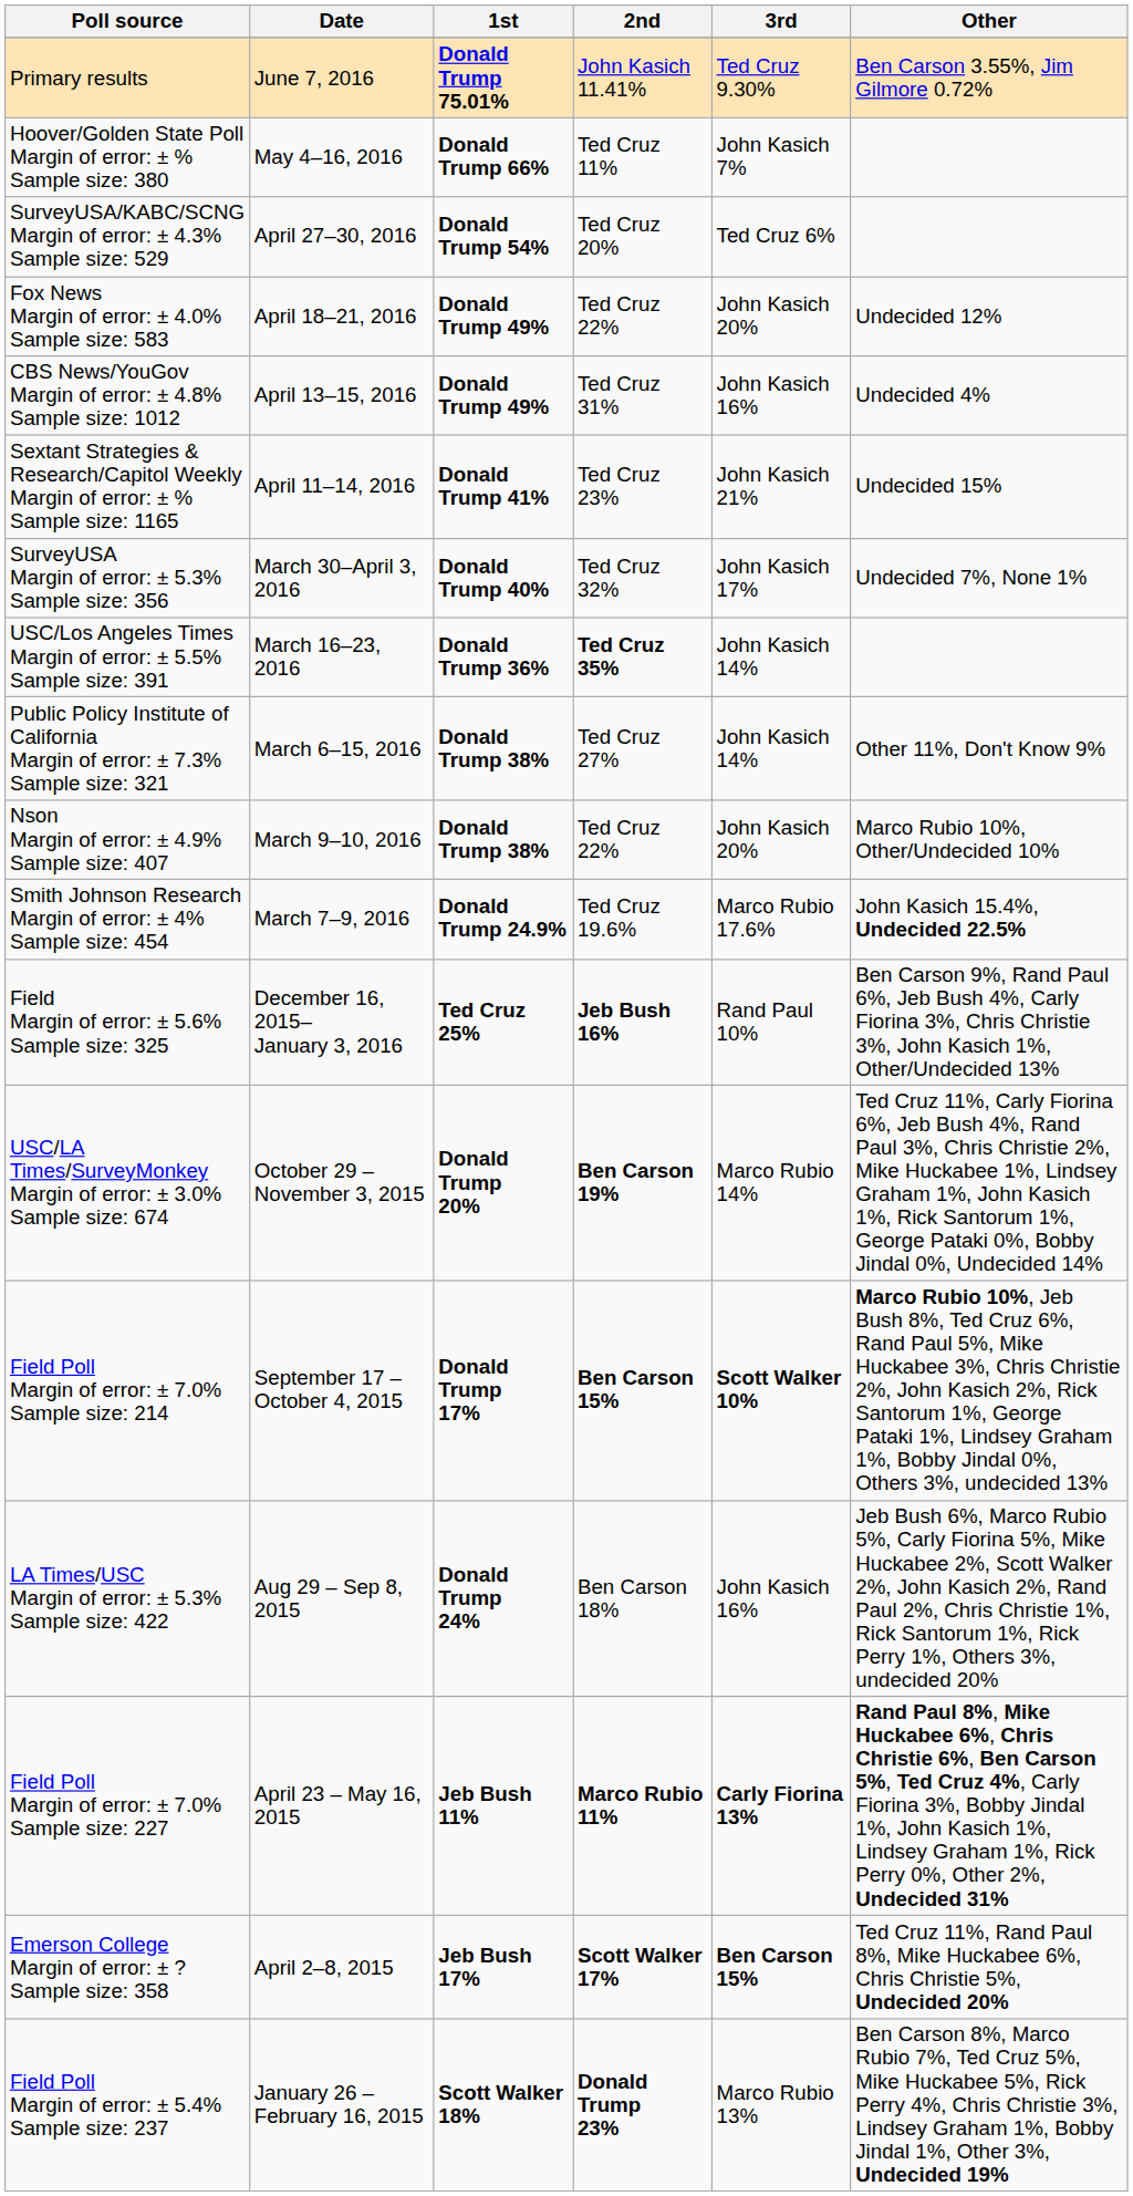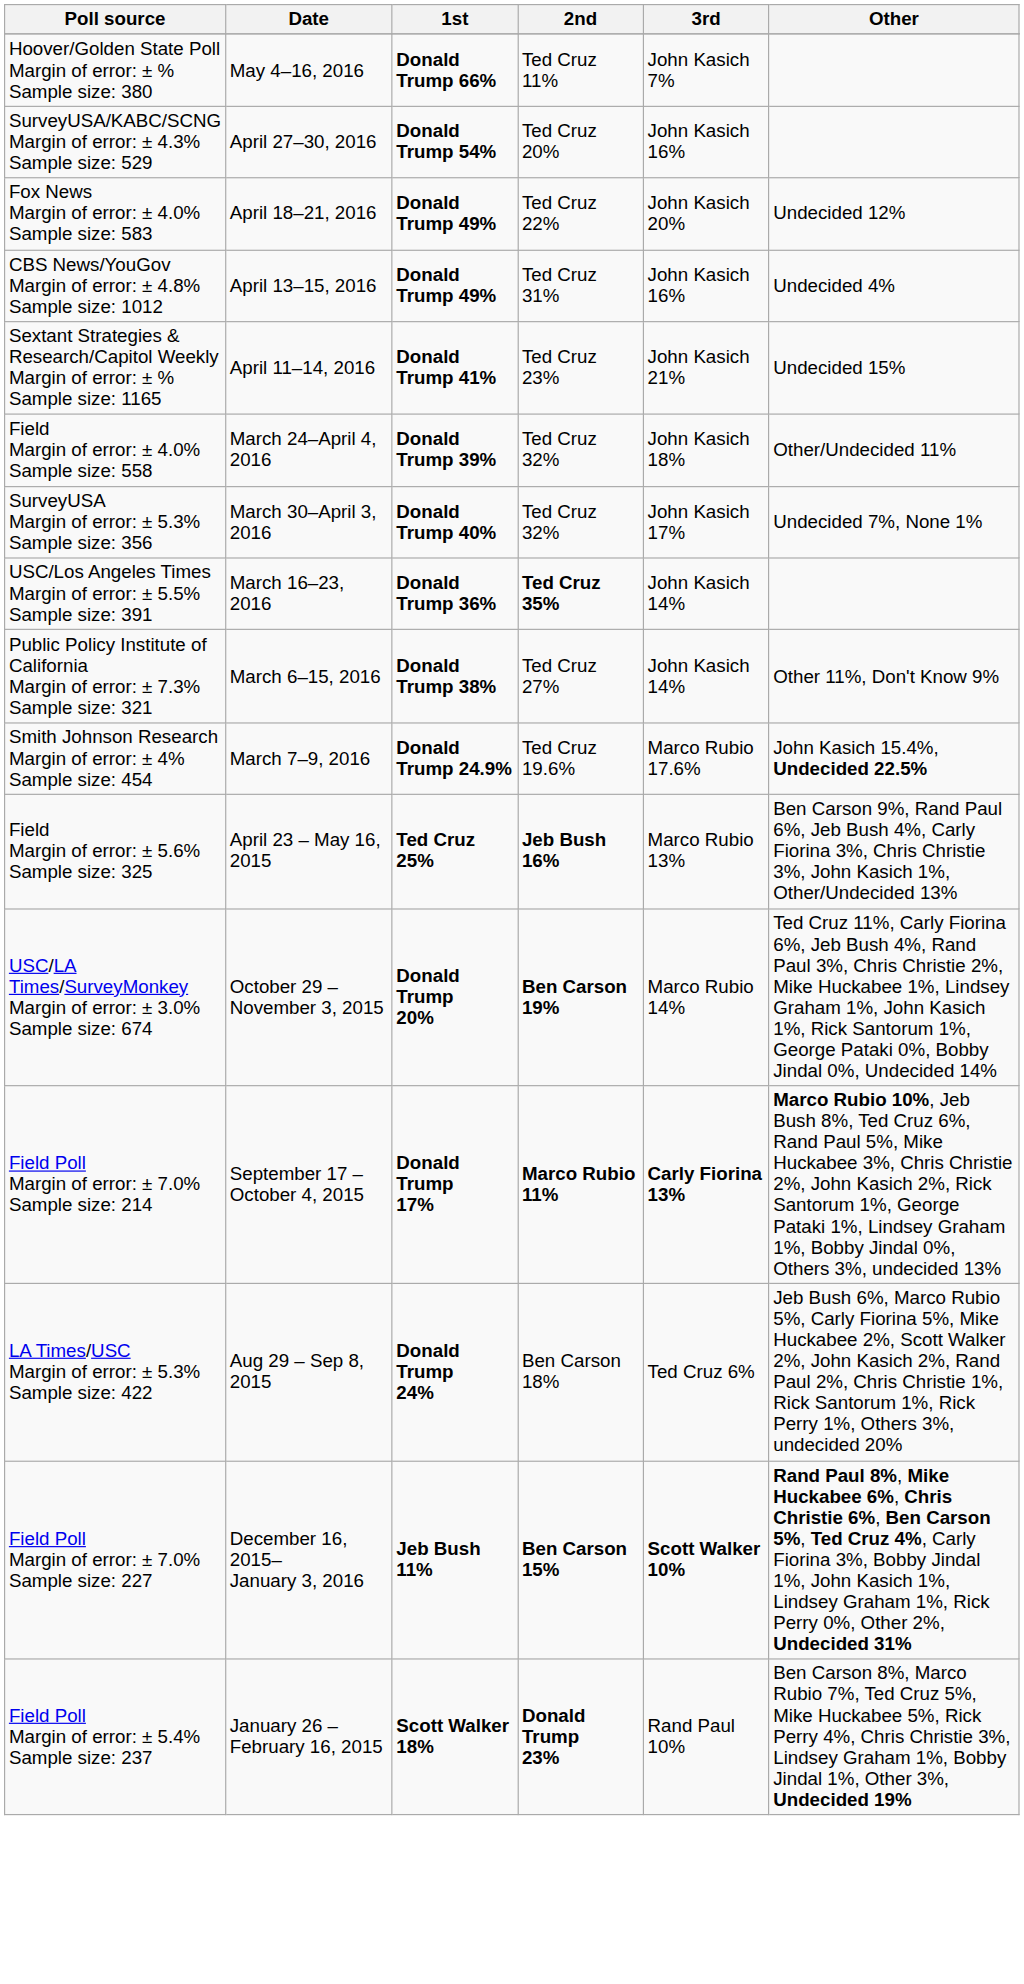 <table class="wikitable">
 <tr>
 <th style="width:180px;">Poll source</th>
 <th style="width:135px;">Date</th>
 <th style="width:100px;">1st</th>
 <th style="width:100px;">2nd</th>
 <th style="width:100px;">3rd</th>
 <th>Other</th>
 </tr>
 <tr>
-</tr>
-<tr style="background:Moccasin;">
-<td>Primary results</td>
-<td>June 7, 2016</td>
-<td><strong><a href='#'>Donald Trump</a><br>75.01%</strong></td>
-<td><a href='#'>John Kasich</a><br>11.41%</td>
-<td><a href='#'>Ted Cruz</a><br>9.30%</td>
-<td><a href='#'>Ben Carson</a> 3.55%, <a href='#'>Jim Gilmore</a> 0.72%</td>
 </tr>
 <tr>
 <td>Hoover/Golden State Poll <br>Margin of error: ± % <br>Sample size: 380</td>
 <td>May 4–16, 2016</td>
 <td><strong>Donald Trump 66%</strong></td>
 <td>Ted Cruz<br>11%</td>
 <td>John Kasich<br>7%</td>
 <td></td>
 </tr>
 <tr>
 <td>SurveyUSA/KABC/SCNG <br>Margin of error: ± 4.3% <br>Sample size: 529</td>
 <td>April 27–30, 2016</td>
 <td><strong>Donald Trump 54%</strong></td>
 <td>Ted Cruz<br>20%</td>
-<td>Ted Cruz 6%</td>
+<td>John Kasich<br>16%</td>
 <td></td>
 </tr>
 <tr>
 <td>Fox News<br>Margin of error: ± 4.0% <br>Sample size: 583</td>
 <td>April 18–21, 2016</td>
 <td><strong>Donald Trump 49%</strong></td>
 <td>Ted Cruz<br>22%</td>
 <td>John Kasich<br>20%</td>
 <td>Undecided 12%</td>
 </tr>
 <tr>
 <td>CBS News/YouGov<br>Margin of error: ± 4.8% <br>Sample size: 1012</td>
 <td>April 13–15, 2016</td>
 <td><strong>Donald Trump 49%</strong></td>
 <td>Ted Cruz<br>31%</td>
 <td>John Kasich<br>16%</td>
 <td>Undecided 4%</td>
 </tr>
 <tr>
 <td>Sextant Strategies & Research/Capitol Weekly<br>Margin of error: ± % <br>Sample size: 1165</td>
 <td>April 11–14, 2016</td>
 <td><strong>Donald Trump 41%</strong></td>
 <td>Ted Cruz<br>23%</td>
 <td>John Kasich<br>21%</td>
 <td>Undecided 15%</td>
 </tr>
 <tr>
+<td>Field<br>Margin of error: ± 4.0% <br>Sample size: 558</td>
+<td>March 24–April 4, 2016</td>
+<td><strong>Donald Trump 39%</strong></td>
+<td>Ted Cruz<br>32%</td>
+<td>John Kasich<br>18%</td>
+<td>Other/Undecided 11%</td>
+</tr>
+<tr>
 <td>SurveyUSA<br>Margin of error: ± 5.3% <br>Sample size: 356</td>
 <td>March 30–April 3, 2016</td>
 <td><strong>Donald Trump 40%</strong></td>
 <td>Ted Cruz<br>32%</td>
 <td>John Kasich<br>17%</td>
 <td>Undecided 7%, None 1%</td>
 </tr>
 <tr>
 <td>USC/Los Angeles Times<br>Margin of error: ± 5.5% <br>Sample size: 391</td>
 <td>March 16–23, 2016</td>
 <td><strong>Donald Trump 36%</strong></td>
 <td><strong>Ted Cruz<br>35%</strong></td>
 <td>John Kasich<br>14%</td>
 <td></td>
 </tr>
 <tr>
 <td>Public Policy Institute of California<br>Margin of error: ± 7.3% <br>Sample size: 321</td>
 <td>March 6–15, 2016</td>
 <td><strong>Donald Trump 38%</strong></td>
 <td>Ted Cruz<br>27%</td>
 <td>John Kasich<br>14%</td>
 <td>Other 11%, Don't Know 9%</td>
 </tr>
 <tr>
-<td>Nson<br>Margin of error: ± 4.9% <br>Sample size: 407</td>
-<td>March 9–10, 2016</td>
-<td><strong>Donald Trump 38%</strong></td>
-<td>Ted Cruz<br>22%</td>
-<td>John Kasich<br>20%</td>
-<td>Marco Rubio 10%, Other/Undecided 10%</td>
-</tr>
-<tr>
 <td>Smith Johnson Research<br>Margin of error: ± 4% <br>Sample size: 454</td>
 <td>March 7–9, 2016</td>
 <td><strong>Donald Trump 24.9%</strong></td>
 <td>Ted Cruz<br>19.6%</td>
 <td>Marco Rubio<br>17.6%</td>
 <td>John Kasich 15.4%,  <span><strong>Undecided 22.5%</strong></span></td>
 </tr>
 <tr>
 <td>Field<br>Margin of error: ± 5.6% <br>Sample size: 325</td>
-<td>December 16, 2015–<br>January 3, 2016</td>
+<td>April 23 – May 16, 2015</td>
 <td><strong>Ted Cruz<br>25%</strong></td>
 <td><strong>Jeb Bush<br>16%</strong></td>
-<td>Rand Paul<br>10%</td>
+<td>Marco Rubio 13%</td>
 <td>Ben Carson 9%, Rand Paul 6%, Jeb Bush 4%, Carly Fiorina 3%, Chris Christie 3%, John Kasich 1%, Other/Undecided 13%</td>
 </tr>
 <tr>
 <td><a href='#'>USC</a>/<a href='#'>LA Times</a>/<a href='#'>SurveyMonkey</a><br>Margin of error: ± 3.0% <br>Sample size: 674</td>
 <td>October 29 – November 3, 2015</td>
 <td><strong>Donald Trump<br>20%</strong></td>
 <td><strong>Ben Carson<br>19%</strong></td>
 <td>Marco Rubio 14%</td>
 <td>Ted Cruz 11%, Carly Fiorina 6%, Jeb Bush 4%, Rand Paul 3%, Chris Christie 2%, Mike Huckabee 1%,  Lindsey Graham 1%, John Kasich 1%, Rick Santorum 1%, George Pataki 0%, Bobby Jindal 0%, Undecided 14%</td>
 </tr>
 <tr>
 <td><a href='#'>Field Poll</a><br>Margin of error: ± 7.0% <br>Sample size: 214</td>
 <td>September 17 – October 4, 2015</td>
 <td><strong>Donald Trump<br>17%</strong></td>
-<td><strong>Ben Carson<br>15%</strong></td>
-<td><strong>Scott Walker<br>10%</strong></td>
+<td><strong>Marco Rubio<br>11%</strong></td>
+<td><strong>Carly Fiorina 13%</strong></td>
 <td><span><strong>Marco Rubio 10%</strong></span>, Jeb Bush 8%, Ted Cruz 6%, Rand Paul 5%, Mike Huckabee 3%, Chris Christie 2%, John Kasich 2%, Rick Santorum 1%, George Pataki 1%, Lindsey Graham 1%, Bobby Jindal 0%, Others 3%, undecided 13%</td>
 </tr>
 <tr>
 <td><a href='#'>LA Times</a>/<a href='#'>USC</a><br>Margin of error: ± 5.3% <br>Sample size: 422</td>
 <td>Aug 29 – Sep 8, 2015</td>
 <td><strong>Donald Trump<br>24%</strong></td>
 <td>Ben Carson<br>18%</td>
-<td>John Kasich<br>16%</td>
+<td>Ted Cruz 6%</td>
 <td>Jeb Bush 6%, Marco Rubio 5%, Carly Fiorina 5%, Mike Huckabee 2%, Scott Walker 2%, John Kasich 2%, Rand Paul 2%, Chris Christie 1%, Rick Santorum 1%, Rick Perry 1%, Others 3%, undecided 20%</td>
 </tr>
 <tr>
 <td><a href='#'>Field Poll</a><br>Margin of error: ± 7.0% <br>Sample size: 227</td>
-<td>April 23 – May 16, 2015</td>
+<td>December 16, 2015–<br>January 3, 2016</td>
 <td><strong>Jeb Bush<br>11%</strong></td>
-<td><strong>Marco Rubio<br>11%</strong></td>
-<td><strong>Carly Fiorina 13%</strong></td>
+<td><strong>Ben Carson<br>15%</strong></td>
+<td><strong>Scott Walker<br>10%</strong></td>
 <td><span><strong>Rand Paul 8%</strong></span>, <span><strong>Mike Huckabee 6%</strong></span>, <span><strong>Chris Christie 6%</strong></span>, <span><strong>Ben Carson 5%</strong></span>, <span><strong>Ted Cruz 4%</strong></span>, Carly Fiorina 3%, Bobby Jindal 1%, John Kasich 1%, Lindsey Graham 1%, Rick Perry 0%, Other 2%, <span><strong>Undecided 31%</strong></span></td>
-</tr>
-<tr>
-<td><a href='#'>Emerson College</a><br>Margin of error: ± ? <br>Sample size: 358</td>
-<td>April 2–8, 2015</td>
-<td><strong>Jeb Bush<br>17%</strong></td>
-<td><strong>Scott Walker<br>17%</strong></td>
-<td><strong>Ben Carson<br>15%</strong></td>
-<td>Ted Cruz 11%, Rand Paul 8%, Mike Huckabee 6%, Chris Christie 5%, <span><strong>Undecided 20%</strong></span></td>
 </tr>
 <tr>
 <td><a href='#'>Field Poll</a><br>Margin of error: ± 5.4% <br>Sample size: 237</td>
 <td>January 26 – February 16, 2015</td>
 <td><strong>Scott Walker<br>18%</strong></td>
 <td><strong>Donald Trump<br>23%</strong></td>
-<td>Marco Rubio 13%</td>
+<td>Rand Paul<br>10%</td>
 <td>Ben Carson 8%, Marco Rubio 7%, Ted Cruz 5%, Mike Huckabee 5%, Rick Perry 4%, Chris Christie 3%, Lindsey Graham 1%, Bobby Jindal 1%, Other 3%, <span><strong>Undecided 19%</strong></span></td>
 </tr>
 </table>
